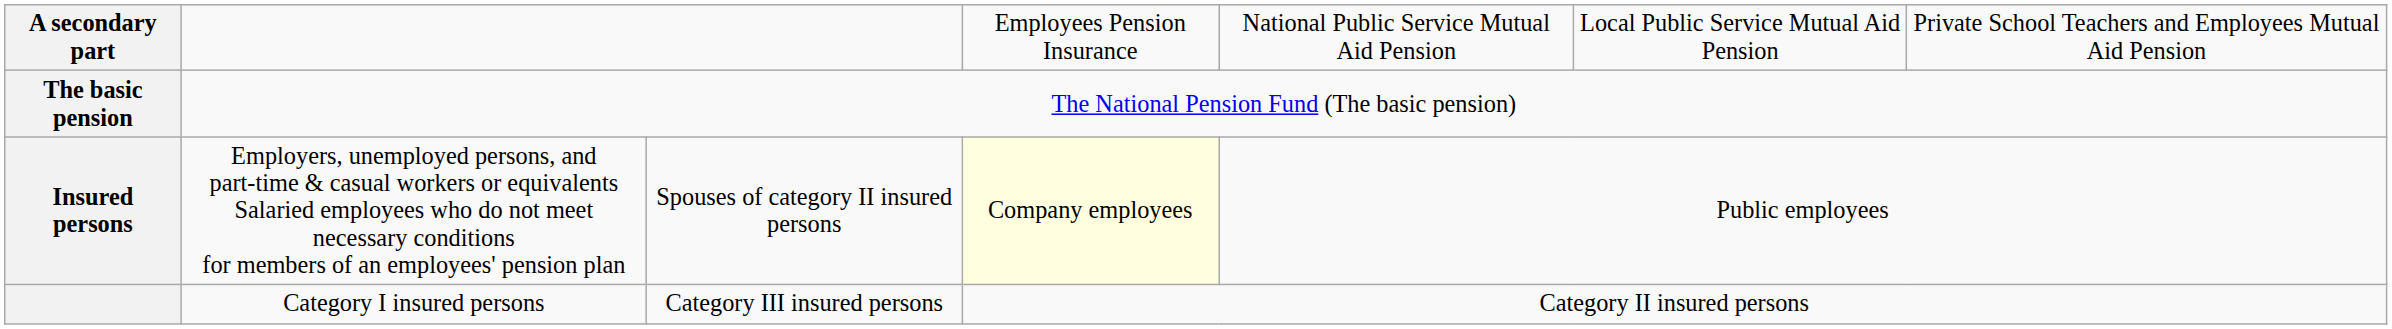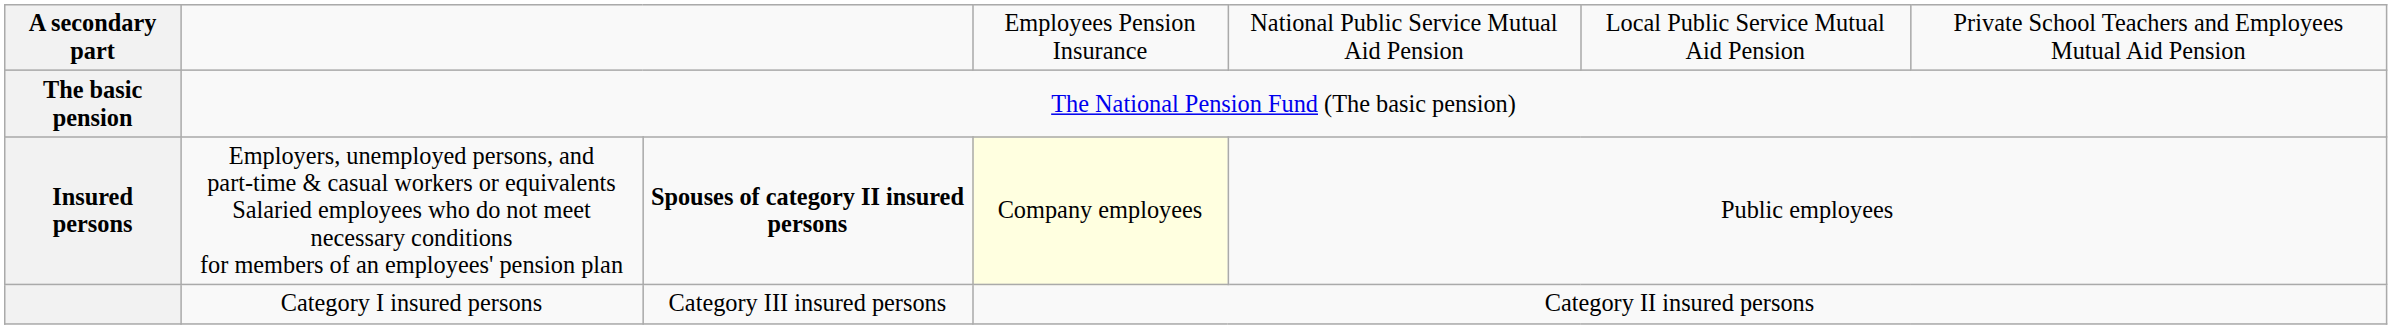 <table class="wikitable">
 <tr align=center>
 <th>A secondary part</th>
 <td colspan=2> </td>
 <td>Employees Pension Insurance</td>
 <td>National Public Service Mutual Aid Pension</td>
 <td>Local Public Service Mutual Aid Pension</td>
 <td>Private School Teachers and Employees Mutual Aid Pension</td>
 </tr>
 <tr align=center>
 <th>The basic pension</th>
 <td colspan=6><a href='#'>The National Pension Fund</a> (The basic pension)</td>
 </tr>
 <tr align=center>
 <th>Insured persons</th>
 <td>Employers, unemployed persons, and <br>part-time & casual workers or equivalents<br> Salaried employees who do not meet necessary conditions <br> for members of an employees' pension plan</td>
-<td>Spouses of category II insured persons<br></td>
+<td><strong>Spouses of category II insured persons<br></strong></td>
 <td style="background: lightyellow;">Company employees</td>
 <td colspan=3>Public employees</td>
 </tr>
 <tr align=center>
 <th> </th>
 <td>Category I insured persons</td>
 <td>Category III insured persons</td>
 <td colspan=4>Category II insured persons</td>
 </tr>
 </table>
